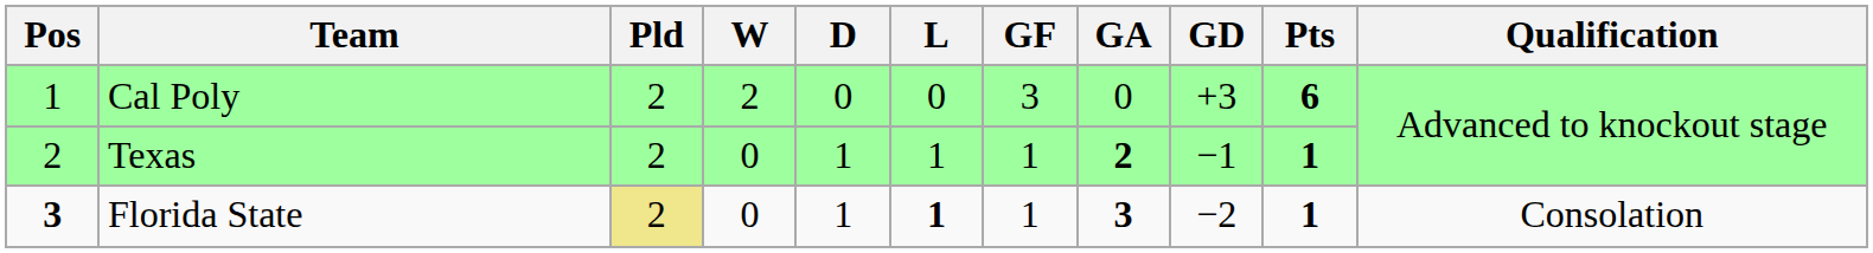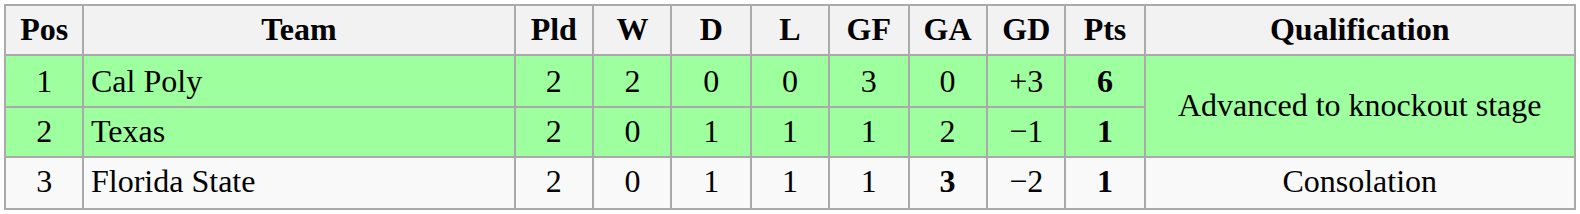 <table class="wikitable" style="text-align:center; margin: 1em auto">
 <tr>
 <th style=width:2em>Pos</th>
 <th style=width:13em>Team</th>
 <th style=width:2em>Pld</th>
 <th style=width:2em>W</th>
 <th style=width:2em>D</th>
 <th style=width:2em>L</th>
 <th style=width:2em>GF</th>
 <th style=width:2em>GA</th>
 <th style=width:2em>GD</th>
 <th style=width:2em>Pts</th>
 <th style=width:13em>Qualification</th>
 </tr>
 <tr bgcolor="#9eff9e">
 <td>1</td>
 <td style="text-align:left">Cal Poly</td>
 <td>2</td>
 <td>2</td>
 <td>0</td>
 <td>0</td>
 <td>3</td>
 <td>0</td>
 <td>+3</td>
 <td><strong>6</strong></td>
 <td rowspan="2">Advanced to knockout stage</td>
 </tr>
 <tr bgcolor="#9eff9e">
 <td>2</td>
 <td style="text-align:left">Texas</td>
 <td>2</td>
 <td>0</td>
 <td>1</td>
 <td>1</td>
 <td>1</td>
-<td><strong>2</strong></td>
+<td>2</td>
 <td>−1</td>
 <td><strong>1</strong></td>
 </tr>
 <tr>
-<td><strong>3</strong></td>
+<td>3</td>
 <td style="text-align:left">Florida State</td>
-<td style="background: khaki;">2</td>
+<td>2</td>
 <td>0</td>
 <td>1</td>
-<td><strong>1</strong></td>
+<td>1</td>
 <td>1</td>
 <td><strong>3</strong></td>
 <td>−2</td>
 <td><strong>1</strong></td>
 <td>Consolation</td>
 </tr>
 </table>
